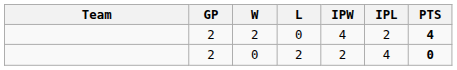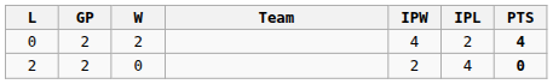 <table class="wikitable" style="text-align: center">
 <tr>
-<th style="width: 188px">Team</th>
+<th style="width: 40px">L</th>
 <th style="width: 40px">GP</th>
 <th style="width: 40px">W</th>
-<th style="width: 40px">L</th>
+<th style="width: 188px">Team</th>
 <th style="width: 40px">IPW</th>
 <th style="width: 40px">IPL</th>
 <th style="width: 40px">PTS</th>
 </tr>
 <tr>
-<td style="text-align: left"></td>
+<td>0</td>
 <td>2</td>
 <td>2</td>
-<td>0</td>
+<td style="text-align: left"></td>
 <td>4</td>
 <td>2</td>
 <td><strong>4</strong></td>
 </tr>
 <tr>
-<td style="text-align: left"></td>
+<td>2</td>
 <td>2</td>
 <td>0</td>
-<td>2</td>
+<td style="text-align: left"></td>
 <td>2</td>
 <td>4</td>
 <td><strong>0</strong></td>
 </tr>
 </table>
